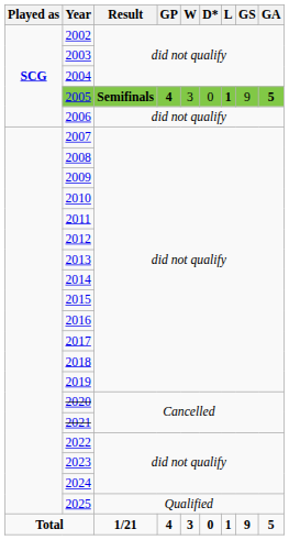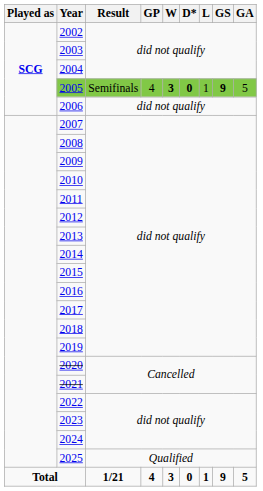 <table class="wikitable" style="text-align: center;">
 <tr>
 <th>Played as</th>
 <th>Year</th>
 <th>Result</th>
 <th>GP</th>
 <th>W</th>
 <th>D*</th>
 <th>L</th>
 <th>GS</th>
 <th>GA</th>
 </tr>
 <tr>
 <td rowspan="5"><strong> <a href='#'>SCG</a></strong></td>
 <td> <a href='#'>2002</a></td>
 <td rowspan=3 colspan=8><em>did not qualify</em></td>
 </tr>
 <tr>
 <td> <a href='#'>2003</a></td>
 </tr>
 <tr>
 <td> <a href='#'>2004</a></td>
 </tr>
 <tr bgcolor="#81c846">
 <td> <a href='#'>2005</a></td>
-<td><strong>Semifinals</strong></td>
-<td><strong>4</strong></td>
-<td>3</td>
-<td>0</td>
-<td><strong>1</strong></td>
-<td>9</td>
-<td><strong>5</strong></td>
+<td>Semifinals</td>
+<td>4</td>
+<td><strong>3</strong></td>
+<td><strong>0</strong></td>
+<td>1</td>
+<td><strong>9</strong></td>
+<td>5</td>
 </tr>
 <tr>
 <td> <a href='#'>2006</a></td>
 <td colspan=8><em>did not qualify</em></td>
 </tr>
 <tr>
 <td rowspan="19"><strong></strong></td>
 <td> <a href='#'>2007</a></td>
 <td rowspan=13 colspan=8><em>did not qualify</em></td>
 </tr>
 <tr>
 <td> <a href='#'>2008</a></td>
 </tr>
 <tr>
 <td> <a href='#'>2009</a></td>
 </tr>
 <tr>
 <td> <a href='#'>2010</a></td>
 </tr>
 <tr>
 <td> <a href='#'>2011</a></td>
 </tr>
 <tr>
 <td> <a href='#'>2012</a></td>
 </tr>
 <tr>
 <td> <a href='#'>2013</a></td>
 </tr>
 <tr>
 <td> <a href='#'>2014</a></td>
 </tr>
 <tr>
 <td> <a href='#'>2015</a></td>
 </tr>
 <tr>
 <td> <a href='#'>2016</a></td>
 </tr>
 <tr>
 <td> <a href='#'>2017</a></td>
 </tr>
 <tr>
 <td> <a href='#'>2018</a></td>
 </tr>
 <tr>
 <td> <a href='#'>2019</a></td>
 </tr>
 <tr>
 <td> <s><a href='#'>2020</a></s></td>
 <td colspan=8 rowspan=2><em>Cancelled</em></td>
 </tr>
 <tr>
 <td> <s><a href='#'>2021</a></s></td>
 </tr>
 <tr>
 <td> <a href='#'>2022</a></td>
 <td colspan=8 rowspan=3><em>did not qualify</em></td>
 </tr>
 <tr>
 <td> <a href='#'>2023</a></td>
 </tr>
 <tr>
 <td> <a href='#'>2024</a></td>
 </tr>
 <tr>
 <td> <a href='#'>2025</a></td>
 <td colspan=8><em>Qualified</em></td>
 </tr>
 <tr>
 <td colspan=2><strong>Total</strong></td>
 <td><strong>1/21</strong></td>
 <td><strong>4</strong></td>
 <td><strong>3</strong></td>
 <td><strong>0</strong></td>
 <td><strong>1</strong></td>
 <td><strong>9</strong></td>
 <td><strong>5</strong></td>
 </tr>
 </table>
